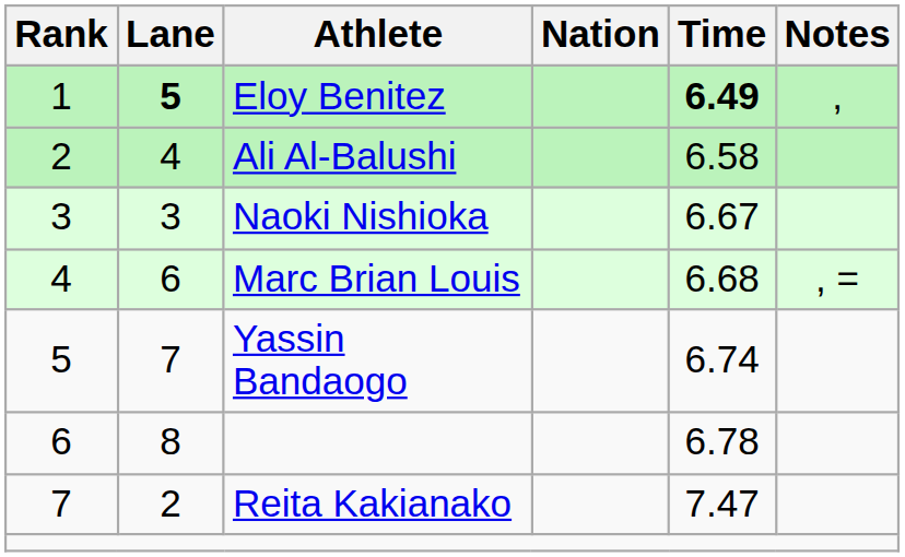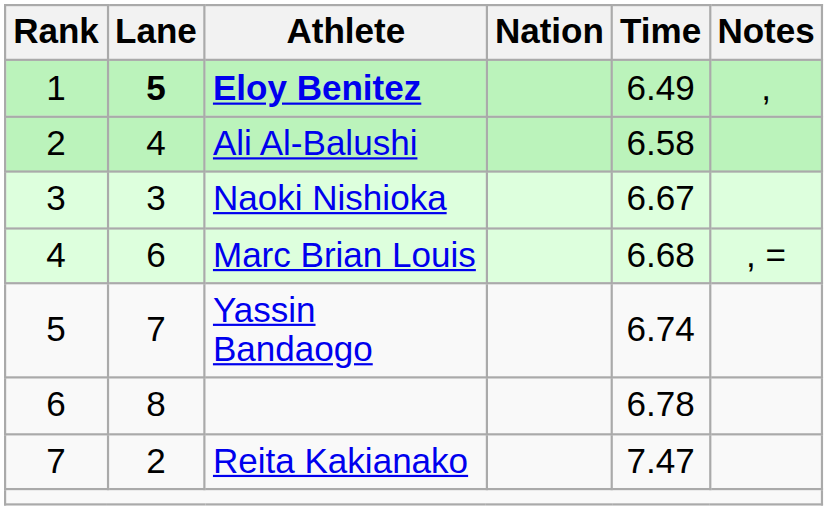 <table class="wikitable sortable" style="text-align:center;width: 60%;">
 <tr>
 <th scope="col" style="width: 10px;">Rank</th>
 <th scope="col" style="width: 10px;">Lane</th>
 <th scope="col">Athlete</th>
 <th scope="col">Nation</th>
 <th scope="col">Time</th>
 <th scope="col">Notes</th>
 </tr>
 <tr bgcolor=bbf3bb>
 <td>1</td>
 <td><strong>5</strong></td>
-<td align=left><a href='#'>Eloy Benitez</a></td>
+<td align=left><strong><a href='#'>Eloy Benitez</a></strong></td>
 <td align=left></td>
-<td><strong>6.49</strong></td>
+<td>6.49</td>
 <td>, </td>
 </tr>
 <tr bgcolor=bbf3bb>
 <td>2</td>
 <td>4</td>
 <td align=left><a href='#'>Ali Al-Balushi</a></td>
 <td align=left></td>
 <td>6.58</td>
 <td></td>
 </tr>
 <tr bgcolor=ddffdd>
 <td>3</td>
 <td>3</td>
 <td align=left><a href='#'>Naoki Nishioka</a></td>
 <td align=left></td>
 <td>6.67</td>
 <td></td>
 </tr>
 <tr bgcolor=ddffdd>
 <td>4</td>
 <td>6</td>
 <td align=left><a href='#'>Marc Brian Louis</a></td>
 <td align=left></td>
 <td>6.68</td>
 <td>, =</td>
 </tr>
 <tr>
 <td>5</td>
 <td>7</td>
 <td align=left><a href='#'>Yassin Bandaogo</a></td>
 <td align=left></td>
 <td>6.74</td>
 <td></td>
 </tr>
 <tr>
 <td>6</td>
 <td>8</td>
 <td align=left></td>
 <td align=left></td>
 <td>6.78</td>
 <td></td>
 </tr>
 <tr>
 <td>7</td>
 <td>2</td>
 <td align=left><a href='#'>Reita Kakianako</a></td>
 <td align=left></td>
 <td>7.47</td>
 <td></td>
 </tr>
 <tr class="sortbottom">
 <td colspan="6"></td>
 </tr>
 </table>
